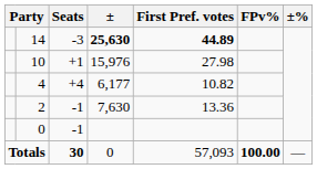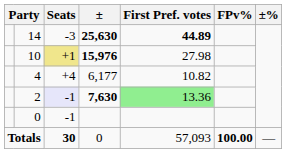 <table class=wikitable>
 <tr>
 <th colspan=2 align=center>Party</th>
 <th valign=top>Seats</th>
 <th valign=top>±</th>
 <th valign=top>First Pref. votes</th>
 <th valign=top>FPv%</th>
 <th valign=top>±%</th>
 </tr>
 <tr>
 <td></td>
 <td align=right>14</td>
 <td align=right>-3</td>
 <td align=right><strong>25,630</strong></td>
 <td align=right><strong>44.89</strong></td>
 <td align=right></td>
 </tr>
 <tr>
 <td></td>
 <td align=right>10</td>
-<td align=right>+1</td>
-<td align=right>15,976</td>
+<td align=right style="background: khaki;">+1</td>
+<td align=right><strong>15,976</strong></td>
 <td align=right>27.98</td>
 <td align=right></td>
 </tr>
 <tr>
 <td></td>
 <td align=right>4</td>
 <td align=right>+4</td>
 <td align=right>6,177</td>
 <td align=right>10.82</td>
 <td align=right></td>
 </tr>
 <tr>
 <td></td>
 <td align=right>2</td>
-<td align=right>-1</td>
-<td align=right>7,630</td>
-<td align=right>13.36</td>
+<td align=right style="background: lavender;">-1</td>
+<td align=right><strong>7,630</strong></td>
+<td align=right style="background: lightgreen;">13.36</td>
 <td align=right></td>
 </tr>
 <tr>
 <td></td>
 <td align=right>0</td>
 <td align=right>-1</td>
 <td align=right></td>
 <td align=right></td>
 <td align=right></td>
 </tr>
 <tr>
 <td colspan=2 align=center><strong>Totals</strong></td>
 <td align=right><strong>30</strong></td>
 <td align=center>0</td>
 <td align=right>57,093</td>
 <td align=center><strong>100.00</strong></td>
 <td align=center>—</td>
 </tr>
 </table>
